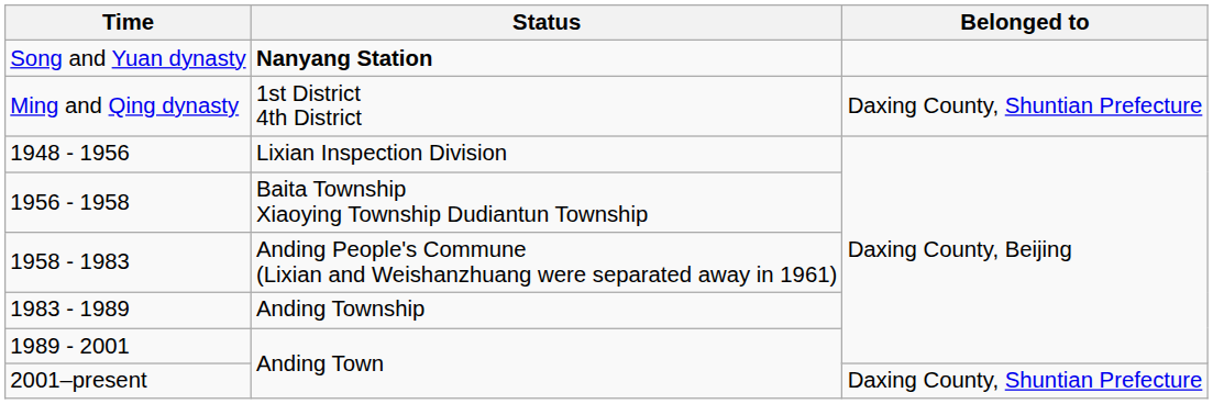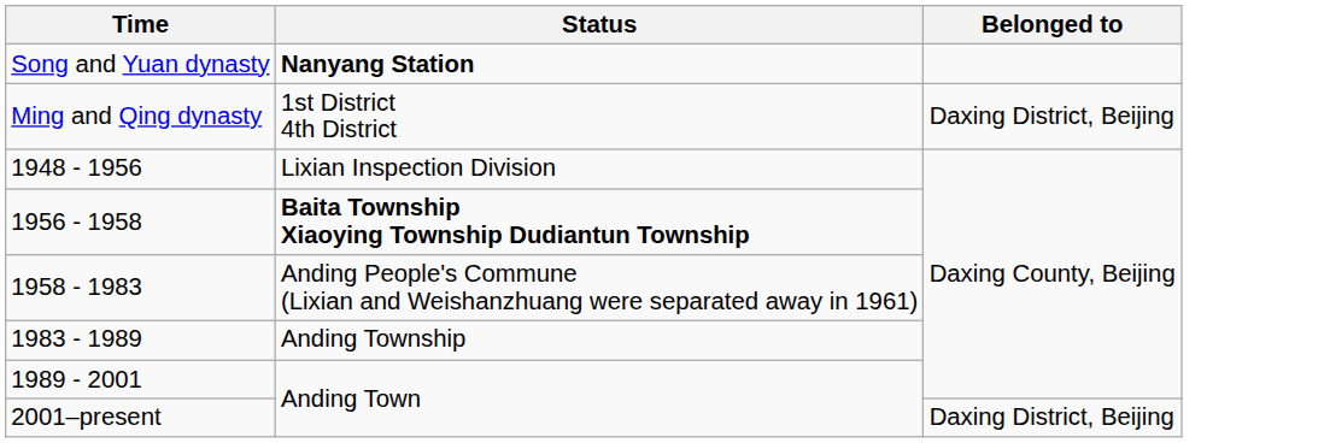 <table class="wikitable">
 <tr>
 <th>Time</th>
 <th>Status</th>
 <th>Belonged to</th>
 </tr>
 <tr>
 <td><a href='#'>Song</a> and <a href='#'>Yuan dynasty</a></td>
 <td><strong>Nanyang Station</strong></td>
 <td></td>
 </tr>
 <tr>
 <td><a href='#'>Ming</a> and <a href='#'>Qing dynasty</a></td>
 <td>1st District<br>4th District</td>
-<td>Daxing County, <a href='#'>Shuntian Prefecture</a></td>
+<td>Daxing District, Beijing</td>
 </tr>
 <tr>
 <td>1948 - 1956</td>
 <td>Lixian Inspection Division</td>
 <td rowspan="5">Daxing County, Beijing</td>
 </tr>
 <tr>
 <td>1956 - 1958</td>
-<td>Baita Township<br>Xiaoying Township Dudiantun Township</td>
+<td><strong>Baita Township<br>Xiaoying Township Dudiantun Township</strong></td>
 </tr>
 <tr>
 <td>1958 - 1983</td>
 <td>Anding People's Commune<br>(Lixian and Weishanzhuang were separated away in 1961)</td>
 </tr>
 <tr>
 <td>1983 - 1989</td>
 <td>Anding Township</td>
 </tr>
 <tr>
 <td>1989 - 2001</td>
 <td rowspan="2">Anding Town</td>
 </tr>
 <tr>
 <td>2001–present</td>
-<td>Daxing County, <a href='#'>Shuntian Prefecture</a></td>
+<td>Daxing District, Beijing</td>
 </tr>
 </table>
